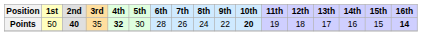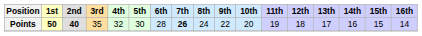 <table class="wikitable" style="font-size:85%; text-align:center">
 <tr>
 <th>Position</th>
 <td style="background:#FFFFBF;"> <strong>1st</strong> </td>
 <td style="background:#DFDFDF;"> <strong>2nd</strong> </td>
 <td style="background:#FFDF9F;"> <strong>3rd</strong> </td>
 <td style="background:#DFFFDF;"> <strong>4th</strong> </td>
 <td style="background:#DFFFDF;"> <strong>5th</strong> </td>
 <td style="background:#CFEAFF;"> <strong>6th</strong> </td>
 <td style="background:#CFEAFF;"> <strong>7th</strong> </td>
 <td style="background:#CFEAFF;"> <strong>8th</strong> </td>
 <td style="background:#CFEAFF;"> <strong>9th</strong> </td>
 <td style="background:#CFEAFF;"> <strong>10th</strong> </td>
 <td style="background:#CFCFFF;"> <strong>11th</strong> </td>
 <td style="background:#CFCFFF;"> <strong>12th</strong> </td>
 <td style="background:#CFCFFF;"> <strong>13th</strong> </td>
 <td style="background:#CFCFFF;"> <strong>14th</strong> </td>
 <td style="background:#CFCFFF;"> <strong>15th</strong> </td>
 <td style="background:#CFCFFF;"> <strong>16th</strong> </td>
 </tr>
 <tr>
 <th>Points</th>
-<td style="background:#FFFFBF;">50</td>
+<td style="background:#FFFFBF;"><strong>50</strong></td>
 <td style="background:#DFDFDF;"><strong>40</strong></td>
 <td style="background:#FFDF9F;">35</td>
-<td style="background:#DFFFDF;"><strong>32</strong></td>
+<td style="background:#DFFFDF;">32</td>
 <td style="background:#DFFFDF;">30</td>
 <td style="background:#CFEAFF;">28</td>
-<td style="background:#CFEAFF;">26</td>
+<td style="background:#CFEAFF;"><strong>26</strong></td>
 <td style="background:#CFEAFF;">24</td>
 <td style="background:#CFEAFF;">22</td>
-<td style="background:#CFEAFF;"><strong>20</strong></td>
+<td style="background:#CFEAFF;">20</td>
 <td style="background:#CFCFFF;">19</td>
 <td style="background:#CFCFFF;">18</td>
 <td style="background:#CFCFFF;">17</td>
 <td style="background:#CFCFFF;">16</td>
 <td style="background:#CFCFFF;">15</td>
-<td style="background:#CFCFFF;"><strong>14</strong></td>
+<td style="background:#CFCFFF;">14</td>
 </tr>
 <tr>
 </tr>
 </table>
